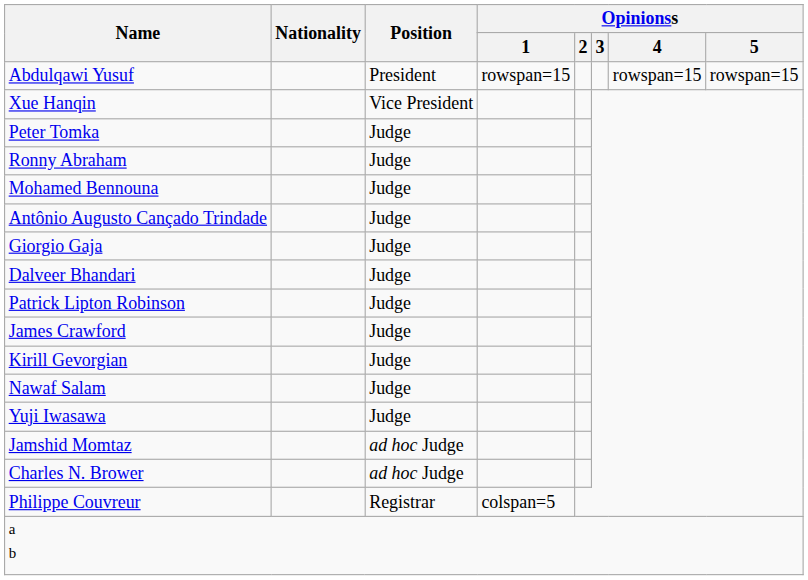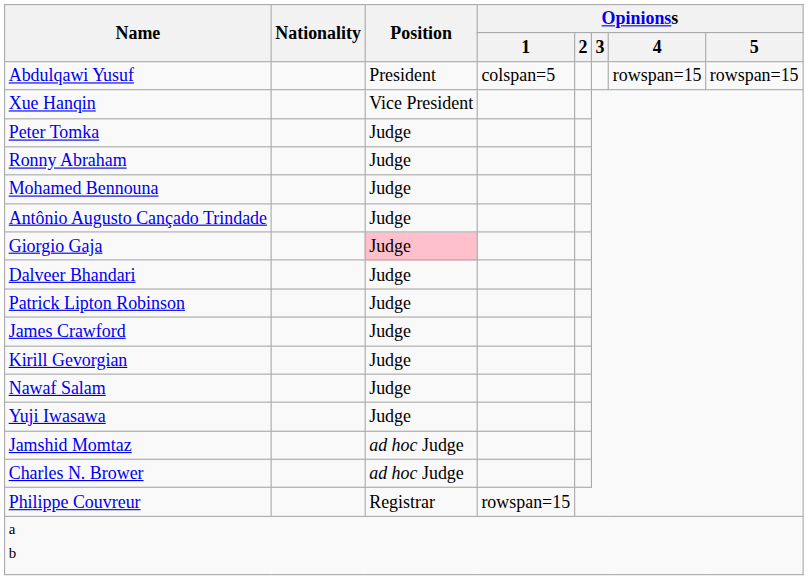 <table class="wikitable">
 <tr>
 <th rowspan=2>Name</th>
 <th rowspan=2>Nationality</th>
 <th rowspan=2>Position</th>
 <th colspan=5><a href='#'>Opinions</a>s</th>
 </tr>
 <tr>
 <th>1</th>
 <th>2</th>
 <th>3</th>
 <th>4</th>
 <th>5</th>
 </tr>
 <tr>
 <td><a href='#'>Abdulqawi Yusuf</a></td>
 <td></td>
 <td>President</td>
-<td>rowspan=15 </td>
+<td>colspan=5 </td>
 <td></td>
 <td></td>
 <td>rowspan=15 </td>
 <td>rowspan=15 </td>
 </tr>
 <tr>
 <td><a href='#'>Xue Hanqin</a></td>
 <td></td>
 <td>Vice President</td>
 <td></td>
 <td></td>
 </tr>
 <tr>
 <td><a href='#'>Peter Tomka</a></td>
 <td></td>
 <td>Judge</td>
 <td></td>
 <td></td>
 </tr>
 <tr>
 <td><a href='#'>Ronny Abraham</a></td>
 <td></td>
 <td>Judge</td>
 <td></td>
 <td></td>
 </tr>
 <tr>
 <td><a href='#'>Mohamed Bennouna</a></td>
 <td></td>
 <td>Judge</td>
 <td></td>
 <td></td>
 </tr>
 <tr>
 <td><a href='#'>Antônio Augusto Cançado Trindade</a></td>
 <td></td>
 <td>Judge</td>
 <td></td>
 <td></td>
 </tr>
 <tr>
 <td><a href='#'>Giorgio Gaja</a></td>
 <td></td>
-<td>Judge</td>
+<td style="background: pink;">Judge</td>
 <td></td>
 <td></td>
 </tr>
 <tr>
 <td><a href='#'>Dalveer Bhandari</a></td>
 <td></td>
 <td>Judge</td>
 <td></td>
 <td></td>
 </tr>
 <tr>
 <td><a href='#'>Patrick Lipton Robinson</a></td>
 <td></td>
 <td>Judge</td>
 <td></td>
 <td></td>
 </tr>
 <tr>
 <td><a href='#'>James Crawford</a></td>
 <td></td>
 <td>Judge</td>
 <td></td>
 <td></td>
 </tr>
 <tr>
 <td><a href='#'>Kirill Gevorgian</a></td>
 <td></td>
 <td>Judge</td>
 <td></td>
 <td></td>
 </tr>
 <tr>
 <td><a href='#'>Nawaf Salam</a></td>
 <td></td>
 <td>Judge</td>
 <td></td>
 <td></td>
 </tr>
 <tr>
 <td><a href='#'>Yuji Iwasawa</a></td>
 <td></td>
 <td>Judge</td>
 <td></td>
 <td></td>
 </tr>
 <tr>
 <td><a href='#'>Jamshid Momtaz</a></td>
 <td></td>
 <td><em>ad hoc</em> Judge</td>
 <td></td>
 <td></td>
 </tr>
 <tr>
 <td><a href='#'>Charles N. Brower</a></td>
 <td></td>
 <td><em>ad hoc</em> Judge</td>
 <td></td>
 <td></td>
 </tr>
 <tr>
 <td><a href='#'>Philippe Couvreur</a></td>
 <td></td>
 <td>Registrar</td>
-<td>colspan=5 </td>
+<td>rowspan=15 </td>
 </tr>
 <tr>
 <td colspan="8"><sup>a</sup> <br><sup>b</sup> </td>
 </tr>
 </table>
